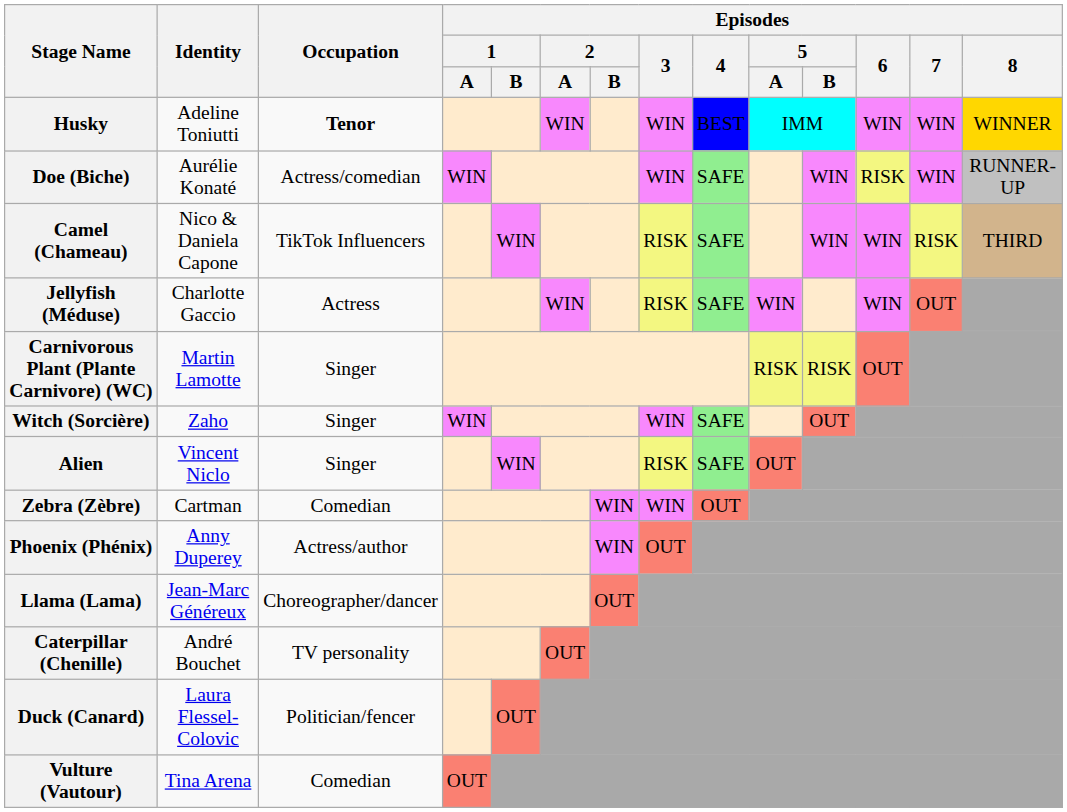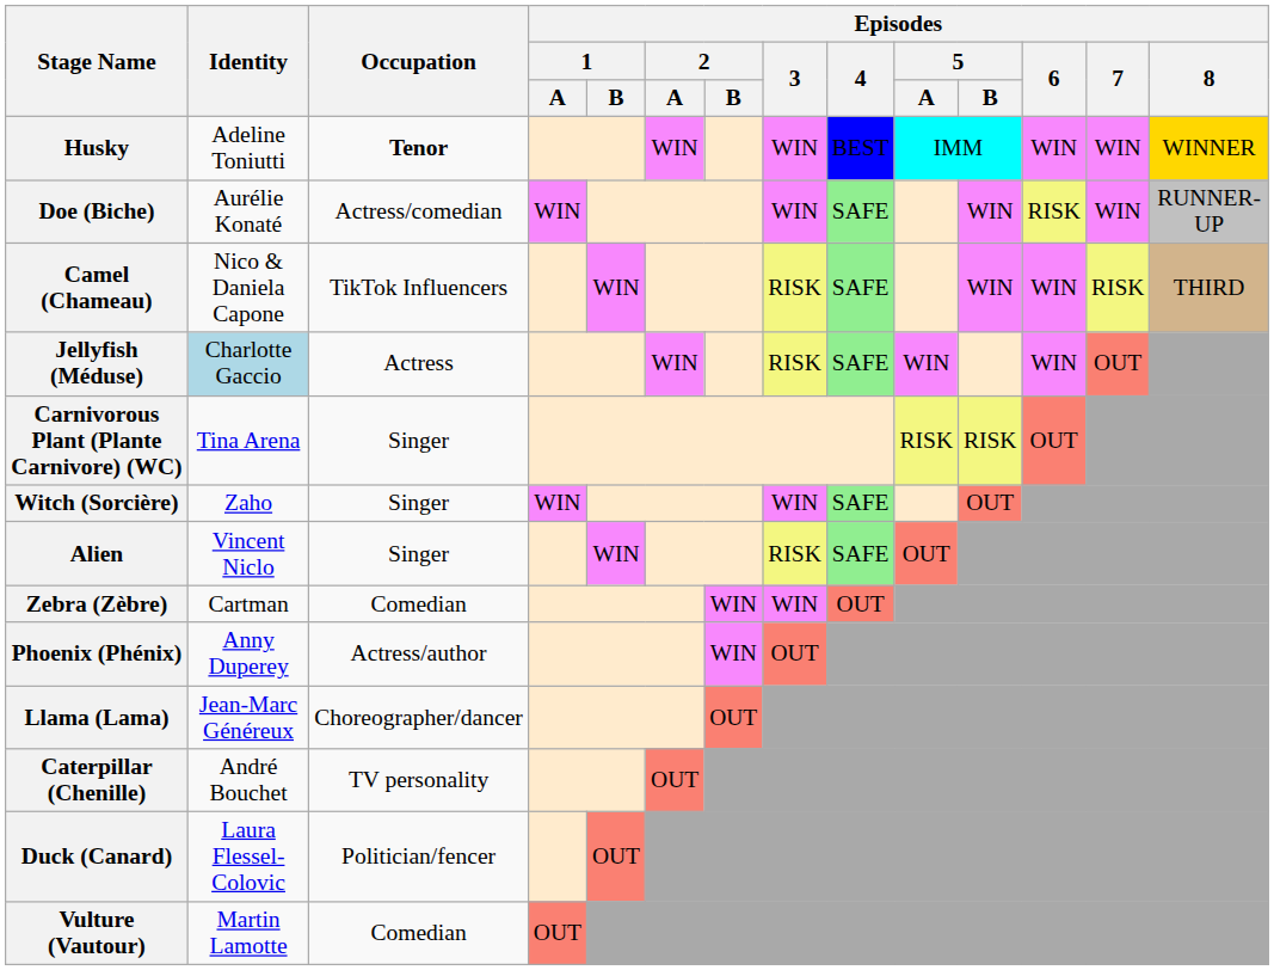 <table class="wikitable" style="text-align:center; ">
 <tr>
 <th rowspan="3">Stage Name</th>
 <th rowspan="3">Identity</th>
 <th rowspan="3">Occupation</th>
 <th colspan="11">Episodes</th>
 </tr>
 <tr>
 <th colspan="2">1</th>
 <th colspan="2">2</th>
 <th rowspan="2">3</th>
 <th rowspan="2">4</th>
 <th colspan="2">5</th>
 <th rowspan="2">6</th>
 <th rowspan="2">7</th>
 <th rowspan="2">8</th>
 </tr>
 <tr>
 <th>A</th>
 <th>B</th>
 <th>A</th>
 <th>B</th>
 <th>A</th>
 <th>B</th>
 </tr>
 <tr>
 <th>Husky</th>
 <td>Adeline Toniutti</td>
 <td><strong>Tenor</strong></td>
 <td colspan="2" bgcolor="#FFEBCD"></td>
 <td bgcolor="#F888FD">WIN</td>
 <td bgcolor="#FFEBCD"></td>
 <td bgcolor="#F888FD">WIN</td>
 <td bgcolor="blue">BEST</td>
 <td colspan="2" bgcolor="cyan">IMM</td>
 <td bgcolor="#F888FD">WIN</td>
 <td bgcolor="#F888FD">WIN</td>
 <td bgcolor="gold">WINNER</td>
 </tr>
 <tr>
 <th>Doe (Biche)</th>
 <td>Aurélie Konaté</td>
 <td>Actress/comedian</td>
 <td bgcolor="#F888FD">WIN</td>
 <td colspan="3" bgcolor="#FFEBCD"></td>
 <td bgcolor="#F888FD">WIN</td>
 <td bgcolor= lightgreen>SAFE</td>
 <td bgcolor="#FFEBCD"></td>
 <td bgcolor="#F888FD">WIN</td>
 <td bgcolor="#F3F781">RISK</td>
 <td bgcolor="#F888FD">WIN</td>
 <td bgcolor="silver">RUNNER-UP</td>
 </tr>
 <tr>
 <th>Camel (Chameau)</th>
 <td>Nico & Daniela Capone</td>
 <td>TikTok Influencers</td>
 <td bgcolor="#FFEBCD"></td>
 <td bgcolor="#F888FD">WIN</td>
 <td colspan="2" bgcolor="#FFEBCD"></td>
 <td bgcolor="#F3F781">RISK</td>
 <td bgcolor= lightgreen>SAFE</td>
 <td bgcolor="#FFEBCD"></td>
 <td bgcolor="#F888FD">WIN</td>
 <td bgcolor="#F888FD">WIN</td>
 <td bgcolor="#F3F781">RISK</td>
 <td bgcolor=tan>THIRD</td>
 </tr>
 <tr>
 <th>Jellyfish (Méduse)</th>
-<td>Charlotte Gaccio</td>
+<td style="background: lightblue;">Charlotte Gaccio</td>
 <td>Actress</td>
 <td colspan="2" bgcolor="#FFEBCD"></td>
 <td bgcolor="#F888FD">WIN</td>
 <td bgcolor="#FFEBCD"></td>
 <td bgcolor="#F3F781">RISK</td>
 <td bgcolor= lightgreen>SAFE</td>
 <td bgcolor="#F888FD">WIN</td>
 <td bgcolor="#FFEBCD"></td>
 <td bgcolor="#F888FD">WIN</td>
 <td bgcolor="salmon">OUT</td>
 <td bgcolor="darkgrey"></td>
 </tr>
 <tr>
 <th>Carnivorous Plant (Plante Carnivore) (WC)</th>
-<td><a href='#'>Martin Lamotte</a></td>
+<td><a href='#'>Tina Arena</a></td>
 <td>Singer</td>
 <td colspan="6" bgcolor="#FFEBCD"></td>
 <td bgcolor="#F3F781">RISK</td>
 <td bgcolor="#F3F781">RISK</td>
 <td bgcolor="salmon">OUT</td>
 <td colspan="2" bgcolor="darkgrey"></td>
 </tr>
 <tr>
 <th>Witch (Sorcière)</th>
 <td><a href='#'>Zaho</a></td>
 <td>Singer</td>
 <td bgcolor="#F888FD">WIN</td>
 <td colspan="3" bgcolor="#FFEBCD"></td>
 <td bgcolor="#F888FD">WIN</td>
 <td bgcolor= lightgreen>SAFE</td>
 <td bgcolor="#FFEBCD"></td>
 <td bgcolor= "salmon">OUT</td>
 <td colspan="3" bgcolor="darkgrey"></td>
 </tr>
 <tr>
 <th>Alien</th>
 <td><a href='#'>Vincent Niclo</a></td>
 <td>Singer</td>
 <td bgcolor="#FFEBCD"></td>
 <td bgcolor="#F888FD">WIN</td>
 <td colspan="2" bgcolor="#FFEBCD"></td>
 <td bgcolor="#F3F781">RISK</td>
 <td bgcolor= lightgreen>SAFE</td>
 <td bgcolor= "salmon">OUT</td>
 <td colspan="4" bgcolor="darkgrey"></td>
 </tr>
 <tr>
 <th>Zebra (Zèbre)</th>
 <td>Cartman</td>
 <td>Comedian</td>
 <td colspan="3" bgcolor="#FFEBCD"></td>
 <td bgcolor="#F888FD">WIN</td>
 <td bgcolor="#F888FD">WIN</td>
 <td bgcolor="salmon">OUT</td>
 <td colspan="5" bgcolor="darkgrey"></td>
 </tr>
 <tr>
 <th>Phoenix (Phénix)</th>
 <td><a href='#'>Anny Duperey</a></td>
 <td>Actress/author</td>
 <td colspan="3" bgcolor="#FFEBCD"></td>
 <td bgcolor="#F888FD">WIN</td>
 <td bgcolor="salmon">OUT</td>
 <td colspan="6" bgcolor="darkgrey"></td>
 </tr>
 <tr>
 <th>Llama (Lama)</th>
 <td><a href='#'>Jean-Marc Généreux</a></td>
 <td>Choreographer/dancer</td>
 <td colspan="3" bgcolor="#FFEBCD"></td>
 <td bgcolor="salmon">OUT</td>
 <td colspan="7" bgcolor="darkgrey"></td>
 </tr>
 <tr>
 <th>Caterpillar (Chenille)</th>
 <td>André Bouchet</td>
 <td>TV personality</td>
 <td colspan="2" bgcolor="#FFEBCD"></td>
 <td bgcolor="salmon">OUT</td>
 <td colspan="8" bgcolor="darkgrey"></td>
 </tr>
 <tr>
 <th>Duck (Canard)</th>
 <td><a href='#'>Laura Flessel-Colovic</a></td>
 <td>Politician/fencer</td>
 <td bgcolor="#FFEBCD"></td>
 <td bgcolor="salmon">OUT</td>
 <td colspan="9" bgcolor="darkgrey"></td>
 </tr>
 <tr>
 <th>Vulture (Vautour)</th>
-<td><a href='#'>Tina Arena</a></td>
+<td><a href='#'>Martin Lamotte</a></td>
 <td>Comedian</td>
 <td bgcolor="salmon">OUT</td>
 <td colspan="10" bgcolor="darkgrey"></td>
 </tr>
 </table>
